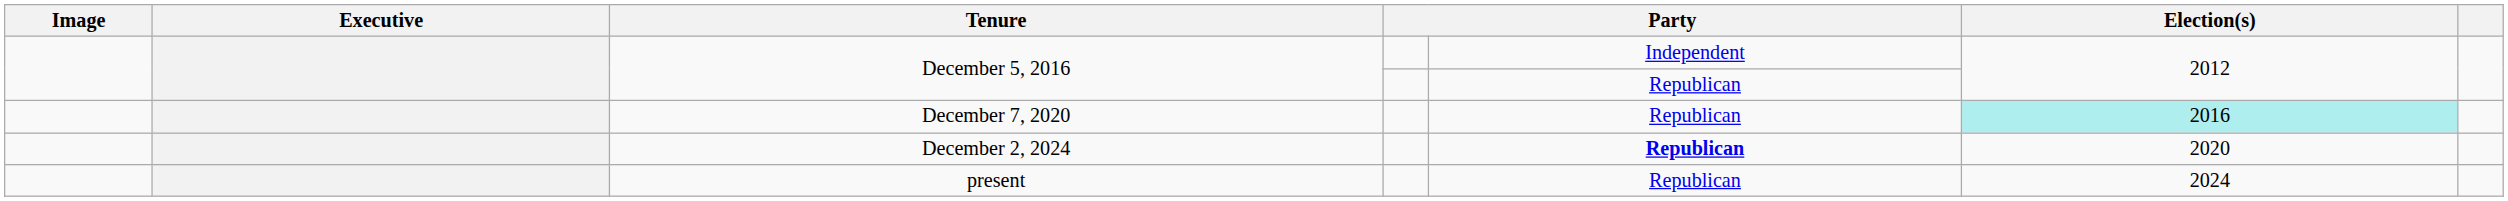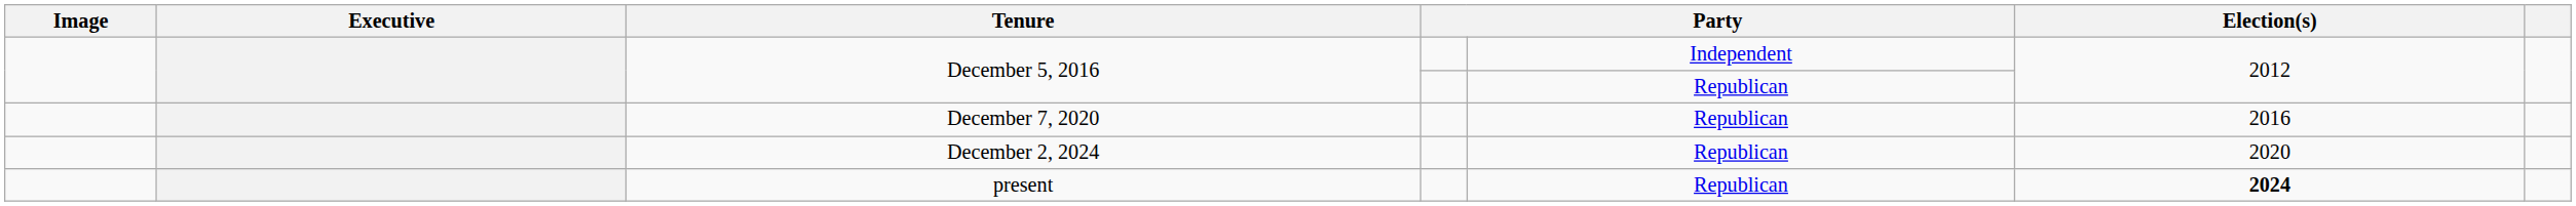 <table class="wikitable sortable plainrowheaders" style="width: 100%; text-align: center;">
 <tr>
 <th scope="col" class="unsortable" style="width: 110px;">Image</th>
 <th scope="col">Executive</th>
 <th scope="col">Tenure</th>
 <th scope="col" colspan="2">Party</th>
 <th scope="col" class="unsortable">Election(s)</th>
 <th scope="col" class="unsortable"></th>
 </tr>
 <tr>
 <td rowspan="2"></td>
 <th scope="rowgroup" rowspan="2" style="text-align: center;"></th>
 <td rowspan="2"> December 5, 2016</td>
 <td></td>
 <td><a href='#'>Independent</a></td>
 <td rowspan="2">2012</td>
 <td rowspan="2"></td>
 </tr>
 <tr>
 <td></td>
 <td><a href='#'>Republican</a></td>
 </tr>
 <tr>
 <td></td>
 <th scope="row" style="text-align: center;"><br></th>
 <td> December 7, 2020</td>
 <td></td>
 <td><a href='#'>Republican</a></td>
-<td style="background: paleturquoise;">2016</td>
+<td>2016</td>
 <td></td>
 </tr>
 <tr>
 <td></td>
 <th scope="row" style="text-align: center;"><br></th>
 <td> December 2, 2024</td>
 <td></td>
-<td><strong><a href='#'>Republican</a></strong></td>
+<td><a href='#'>Republican</a></td>
 <td>2020</td>
 <td></td>
 </tr>
 <tr>
 <td></td>
 <th scope="row" style="text-align: center;"><br></th>
 <td> present</td>
 <td></td>
 <td><a href='#'>Republican</a></td>
-<td>2024</td>
+<td><strong>2024</strong></td>
 <td></td>
 </tr>
 </table>
